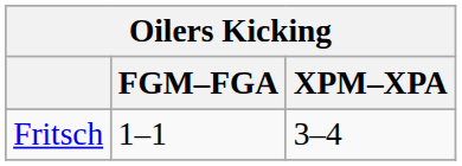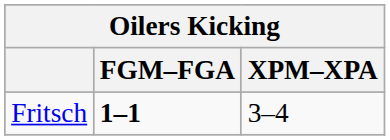 <table class="wikitable">
 <tr>
 <th colspan="3">Oilers Kicking</th>
 </tr>
 <tr>
 <th></th>
 <th>FGM–FGA</th>
 <th>XPM–XPA</th>
 </tr>
 <tr>
 <td><a href='#'>Fritsch</a></td>
-<td>1–1</td>
+<td><strong>1–1</strong></td>
 <td>3–4</td>
 </tr>
 </table>
